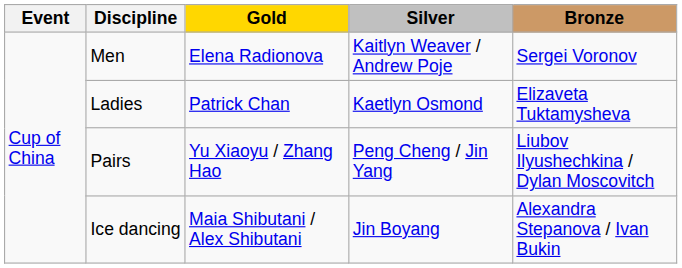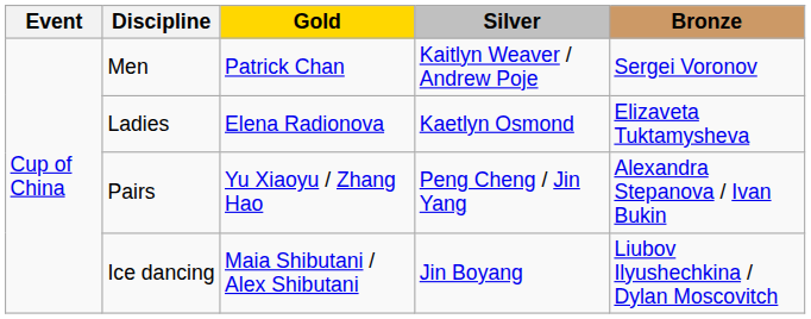 <table class="wikitable" style="width:98%;">
 <tr>
 <th style="width:10%;">Event</th>
 <th style="width:5%;">Discipline</th>
 <td style="text-align:center; width:20%; background:gold;"><strong>Gold</strong></td>
 <td style="text-align:center; width:20%; background:silver;"><strong>Silver</strong></td>
 <td style="text-align:center; width:20%; background:#c96;"><strong>Bronze</strong></td>
 </tr>
 <tr>
 <td rowspan=4><a href='#'>Cup of China</a></td>
 <td>Men</td>
-<td> <a href='#'>Elena Radionova</a></td>
+<td> <a href='#'>Patrick Chan</a></td>
 <td> <a href='#'>Kaitlyn Weaver</a> / <a href='#'>Andrew Poje</a></td>
 <td> <a href='#'>Sergei Voronov</a></td>
 </tr>
 <tr>
 <td>Ladies</td>
-<td> <a href='#'>Patrick Chan</a></td>
+<td> <a href='#'>Elena Radionova</a></td>
 <td> <a href='#'>Kaetlyn Osmond</a></td>
 <td> <a href='#'>Elizaveta Tuktamysheva</a></td>
 </tr>
 <tr>
 <td>Pairs</td>
 <td> <a href='#'>Yu Xiaoyu</a> / <a href='#'>Zhang Hao</a></td>
 <td> <a href='#'>Peng Cheng</a> / <a href='#'>Jin Yang</a></td>
-<td> <a href='#'>Liubov Ilyushechkina</a> / <a href='#'>Dylan Moscovitch</a></td>
+<td> <a href='#'>Alexandra Stepanova</a> / <a href='#'>Ivan Bukin</a></td>
 </tr>
 <tr>
 <td>Ice dancing</td>
 <td> <a href='#'>Maia Shibutani</a> / <a href='#'>Alex Shibutani</a></td>
 <td> <a href='#'>Jin Boyang</a></td>
-<td> <a href='#'>Alexandra Stepanova</a> / <a href='#'>Ivan Bukin</a></td>
+<td> <a href='#'>Liubov Ilyushechkina</a> / <a href='#'>Dylan Moscovitch</a></td>
 </tr>
 </table>
